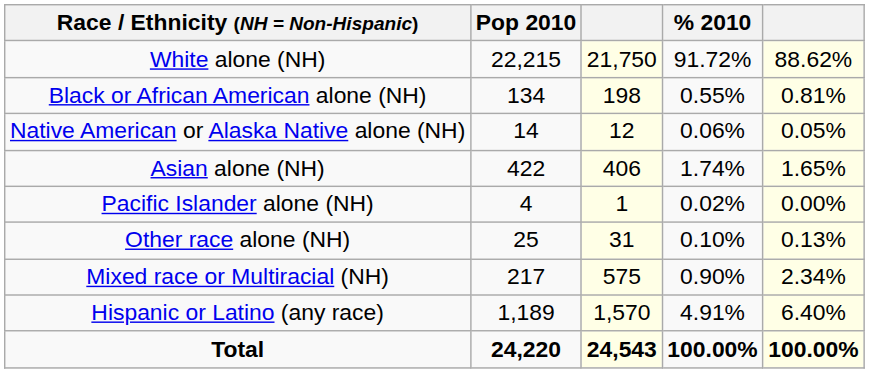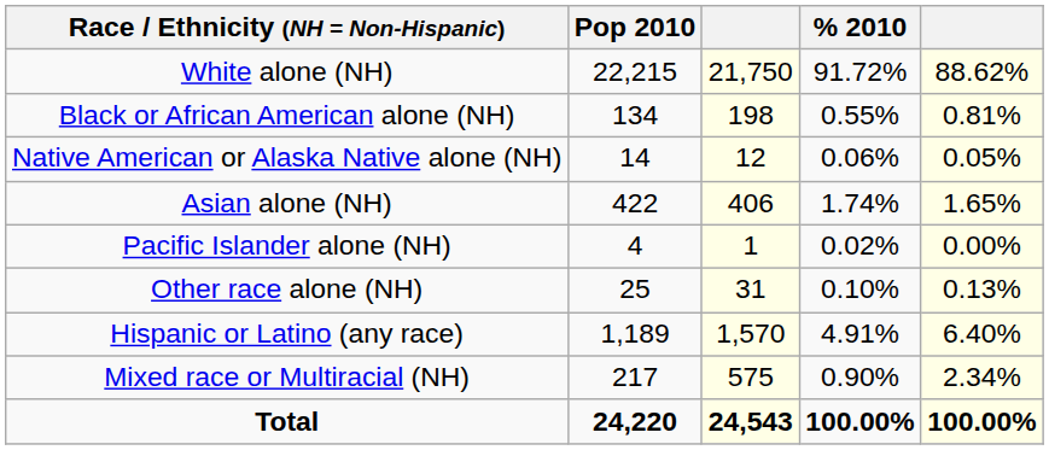 <table class="wikitable" style="text-align:center;">
 <tr>
 <th>Race / Ethnicity <small>(<em>NH = Non-Hispanic</em>)</small></th>
 <th>Pop 2010</th>
 <th></th>
 <th>% 2010</th>
 <th></th>
 </tr>
 <tr>
 <td><a href='#'>White</a> alone (NH)</td>
 <td>22,215</td>
 <td style='background: #ffffe6;'>21,750</td>
 <td>91.72%</td>
 <td style='background: #ffffe6;'>88.62%</td>
 </tr>
 <tr>
 <td><a href='#'>Black or African American</a> alone (NH)</td>
 <td>134</td>
 <td style='background: #ffffe6;'>198</td>
 <td>0.55%</td>
 <td style='background: #ffffe6;'>0.81%</td>
 </tr>
 <tr>
 <td><a href='#'>Native American</a> or <a href='#'>Alaska Native</a> alone (NH)</td>
 <td>14</td>
 <td style='background: #ffffe6;'>12</td>
 <td>0.06%</td>
 <td style='background: #ffffe6;'>0.05%</td>
 </tr>
 <tr>
 <td><a href='#'>Asian</a> alone (NH)</td>
 <td>422</td>
 <td style='background: #ffffe6;'>406</td>
 <td>1.74%</td>
 <td style='background: #ffffe6;'>1.65%</td>
 </tr>
 <tr>
 <td><a href='#'>Pacific Islander</a> alone (NH)</td>
 <td>4</td>
 <td style='background: #ffffe6;'>1</td>
 <td>0.02%</td>
 <td style='background: #ffffe6;'>0.00%</td>
 </tr>
 <tr>
 <td><a href='#'>Other race</a> alone (NH)</td>
 <td>25</td>
 <td style='background: #ffffe6;'>31</td>
 <td>0.10%</td>
 <td style='background: #ffffe6;'>0.13%</td>
 </tr>
 <tr>
+<td><a href='#'>Hispanic or Latino</a> (any race)</td>
+<td>1,189</td>
+<td style='background: #ffffe6;'>1,570</td>
+<td>4.91%</td>
+<td style='background: #ffffe6;'>6.40%</td>
+</tr>
+<tr>
 <td><a href='#'>Mixed race or Multiracial</a> (NH)</td>
 <td>217</td>
 <td style='background: #ffffe6;'>575</td>
 <td>0.90%</td>
 <td style='background: #ffffe6;'>2.34%</td>
-</tr>
-<tr>
-<td><a href='#'>Hispanic or Latino</a> (any race)</td>
-<td>1,189</td>
-<td style='background: #ffffe6;'>1,570</td>
-<td>4.91%</td>
-<td style='background: #ffffe6;'>6.40%</td>
 </tr>
 <tr>
 <td><strong>Total</strong></td>
 <td><strong>24,220</strong></td>
 <td style='background: #ffffe6;'><strong>24,543</strong></td>
 <td><strong>100.00%</strong></td>
 <td style='background: #ffffe6;'><strong>100.00%</strong></td>
 </tr>
 </table>
